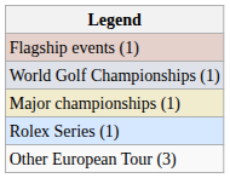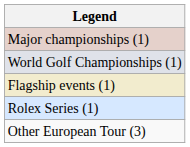 <table class="wikitable" style="font-size:95%;">
 <tr>
 <th>Legend</th>
 </tr>
 <tr style="background:#e5d1cb;">
-<td>Flagship events (1)</td>
+<td>Major championships (1)</td>
 </tr>
 <tr style="background:#dfe2e9;">
 <td>World Golf Championships (1)</td>
 </tr>
 <tr style="background:#f2ecce;">
-<td>Major championships (1)</td>
+<td>Flagship events (1)</td>
 </tr>
 <tr style="background:#D6E8FF;">
 <td>Rolex Series (1)</td>
 </tr>
 <tr>
 <td>Other European Tour (3)</td>
 </tr>
 </table>
